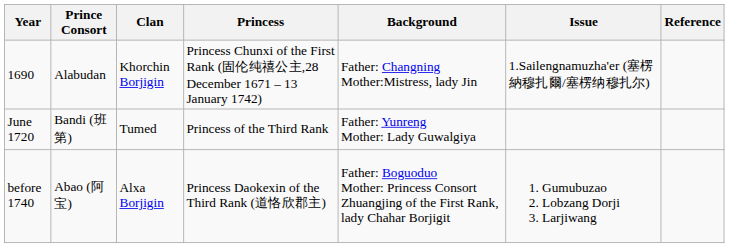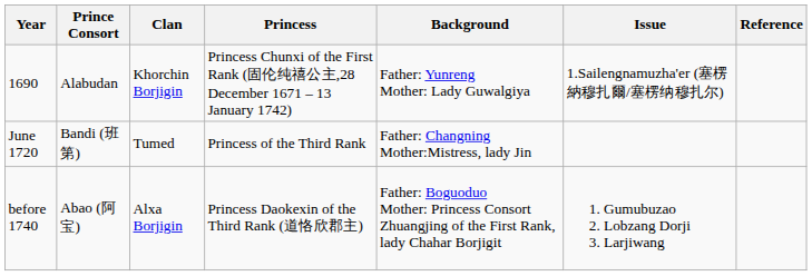 <table class="wikitable">
 <tr>
 <th>Year</th>
 <th>Prince Consort</th>
 <th>Clan</th>
 <th>Princess</th>
 <th>Background</th>
 <th>Issue</th>
 <th>Reference</th>
 </tr>
 <tr>
 <td>1690</td>
 <td>Alabudan</td>
 <td>Khorchin <a href='#'>Borjigin</a></td>
 <td>Princess Chunxi of the First Rank (固伦纯禧公主,28 December 1671 – 13 January 1742)</td>
-<td>Father: <a href='#'>Changning</a><br>Mother:Mistress, lady Jin</td>
+<td>Father: <a href='#'>Yunreng</a><br>Mother: Lady Guwalgiya</td>
 <td>1.Sailengnamuzha'er (塞楞納穆扎爾/塞楞纳穆扎尔)</td>
 <td></td>
 </tr>
 <tr>
 <td>June 1720</td>
 <td>Bandi (班第)</td>
 <td>Tumed</td>
 <td>Princess of the Third Rank</td>
-<td>Father: <a href='#'>Yunreng</a><br>Mother: Lady Guwalgiya</td>
+<td>Father: <a href='#'>Changning</a><br>Mother:Mistress, lady Jin</td>
 <td></td>
 <td></td>
 </tr>
 <tr>
 <td>before 1740</td>
 <td>Abao (阿宝)</td>
 <td>Alxa <a href='#'>Borjigin</a></td>
 <td>Princess Daokexin of the Third Rank (道恪欣郡主)</td>
 <td>Father: <a href='#'>Boguoduo</a><br>Mother: Princess Consort Zhuangjing of the First Rank, lady Chahar Borjigit</td>
 <td><br><ol><li>Gumubuzao</li><li>Lobzang Dorji</li><li>Larjiwang</li></ol></td>
 <td></td>
 </tr>
 </table>
